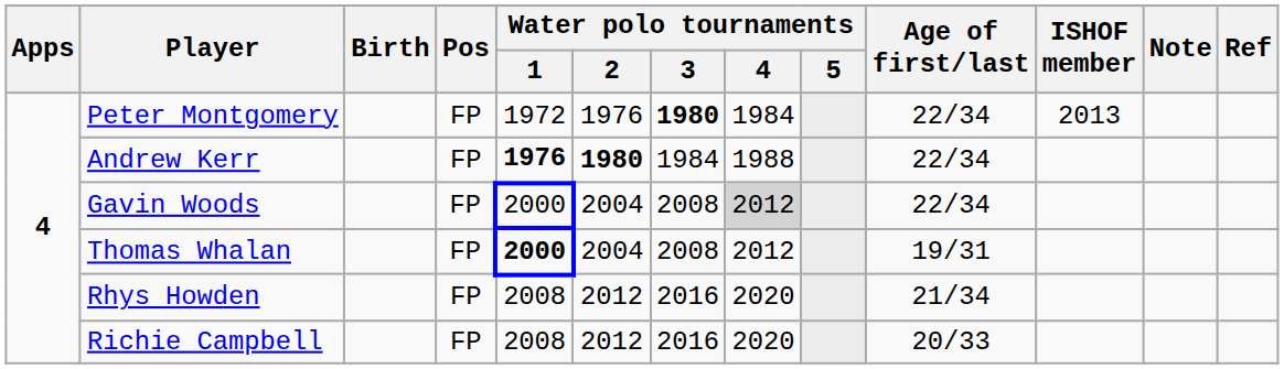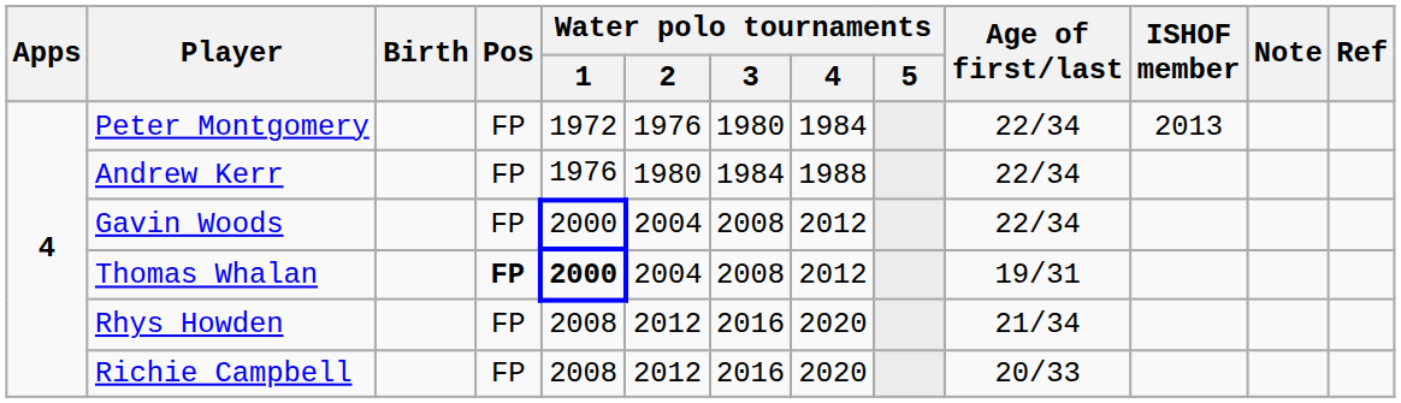 <table class="wikitable sortable" style="text-align: center; font-size: 90%; margin-left: 1em;">
 <tr>
 <th rowspan="2">Apps</th>
 <th rowspan="2">Player</th>
 <th rowspan="2">Birth</th>
 <th rowspan="2">Pos</th>
 <th colspan="5">Water polo tournaments</th>
 <th rowspan="2">Age of<br>first/last</th>
 <th rowspan="2">ISHOF<br>member</th>
 <th rowspan="2">Note</th>
 <th rowspan="2" class="unsortable">Ref</th>
 </tr>
 <tr>
 <th>1</th>
 <th style="width: 2em;" class="unsortable">2</th>
 <th style="width: 2em;" class="unsortable">3</th>
 <th style="width: 2em;" class="unsortable">4</th>
 <th style="width: 2em;" class="unsortable">5</th>
 </tr>
 <tr>
 <td rowspan="6"><strong>4</strong></td>
 <td style="text-align: left;" data-sort-value="Montgomery, Peter"><a href='#'>Peter Montgomery</a></td>
 <td></td>
 <td>FP</td>
 <td>1972</td>
 <td>1976</td>
-<td><strong>1980</strong></td>
+<td>1980</td>
 <td>1984</td>
 <td style="background-color: #ececec;"></td>
 <td>22/34</td>
 <td>2013</td>
 <td style="text-align: left;"></td>
 <td></td>
 </tr>
 <tr>
 <td style="text-align: left;" data-sort-value="Kerr, Andrew"><a href='#'>Andrew Kerr</a></td>
 <td></td>
 <td>FP</td>
-<td><strong>1976</strong></td>
-<td><strong>1980</strong></td>
+<td>1976</td>
+<td>1980</td>
 <td>1984</td>
 <td>1988</td>
 <td style="background-color: #ececec;"></td>
 <td>22/34</td>
 <td></td>
 <td style="text-align: left;"></td>
 <td></td>
 </tr>
 <tr>
 <td style="text-align: left;" data-sort-value="Woods, Gavin"><a href='#'>Gavin Woods</a></td>
 <td></td>
 <td>FP</td>
 <td style="border: 2px solid blue;">2000</td>
 <td>2004</td>
 <td>2008</td>
-<td style="background: lightgrey;">2012</td>
+<td>2012</td>
 <td style="background-color: #ececec;"></td>
 <td>22/34</td>
 <td></td>
 <td style="text-align: left;"></td>
 <td></td>
 </tr>
 <tr>
 <td style="text-align: left;" data-sort-value="Whalan, Thomas"><a href='#'>Thomas Whalan</a></td>
 <td></td>
-<td>FP</td>
+<td><strong>FP</strong></td>
 <td style="border: 2px solid blue;"><strong>2000</strong></td>
 <td>2004</td>
 <td>2008</td>
 <td>2012</td>
 <td style="background-color: #ececec;"></td>
 <td>19/31</td>
 <td></td>
 <td style="text-align: left;"></td>
 <td></td>
 </tr>
 <tr>
 <td style="text-align: left;" data-sort-value="Howden, Rhys"><a href='#'>Rhys Howden</a></td>
 <td></td>
 <td>FP</td>
 <td>2008</td>
 <td>2012</td>
 <td>2016</td>
 <td>2020</td>
 <td style="background-color: #ececec;"></td>
 <td>21/34</td>
 <td></td>
 <td style="text-align: left;"></td>
 <td></td>
 </tr>
 <tr>
 <td style="text-align: left;" data-sort-value="Campbell, Richie"><a href='#'>Richie Campbell</a></td>
 <td></td>
 <td>FP</td>
 <td>2008</td>
 <td>2012</td>
 <td>2016</td>
 <td>2020</td>
 <td style="background-color: #ececec;"></td>
 <td>20/33</td>
 <td></td>
 <td style="text-align: left;"></td>
 <td></td>
 </tr>
 </table>
